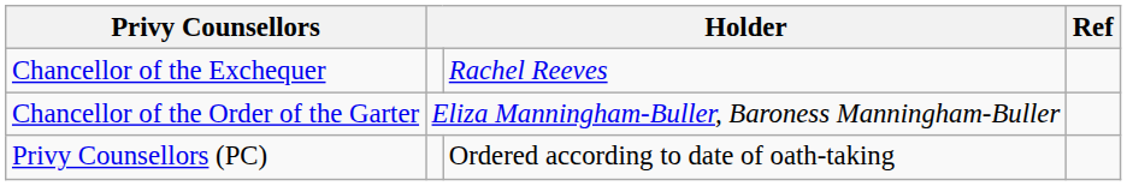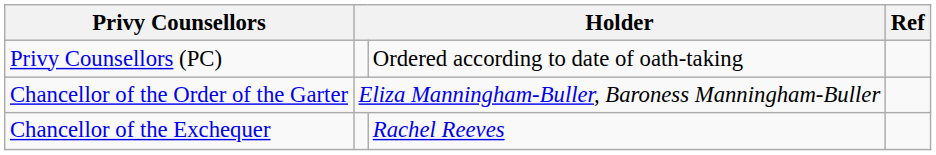 <table class="wikitable">
 <tr>
 <th>Privy Counsellors</th>
 <th colspan=2>Holder</th>
 <th>Ref</th>
 </tr>
 <tr>
-<td><a href='#'>Chancellor of the Exchequer</a></td>
+<td><a href='#'>Privy Counsellors</a> (PC)</td>
 <td style="background: "></td>
-<td colspan=1><em><a href='#'>Rachel Reeves</a></em></td>
+<td>Ordered according to date of oath-taking</td>
 <td></td>
 </tr>
 <tr>
 <td><a href='#'>Chancellor of the Order of the Garter</a></td>
 <td colspan=2><em><a href='#'>Eliza Manningham-Buller</a>, Baroness Manningham-Buller</em></td>
 <td></td>
 </tr>
 <tr>
-<td><a href='#'>Privy Counsellors</a> (PC)</td>
+<td><a href='#'>Chancellor of the Exchequer</a></td>
 <td style="background: "></td>
-<td>Ordered according to date of oath-taking</td>
+<td colspan=1><em><a href='#'>Rachel Reeves</a></em></td>
 <td></td>
 </tr>
 </table>
